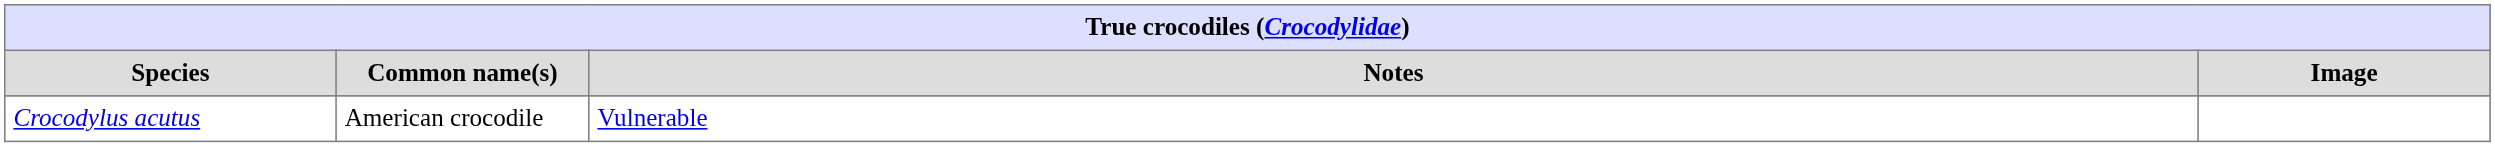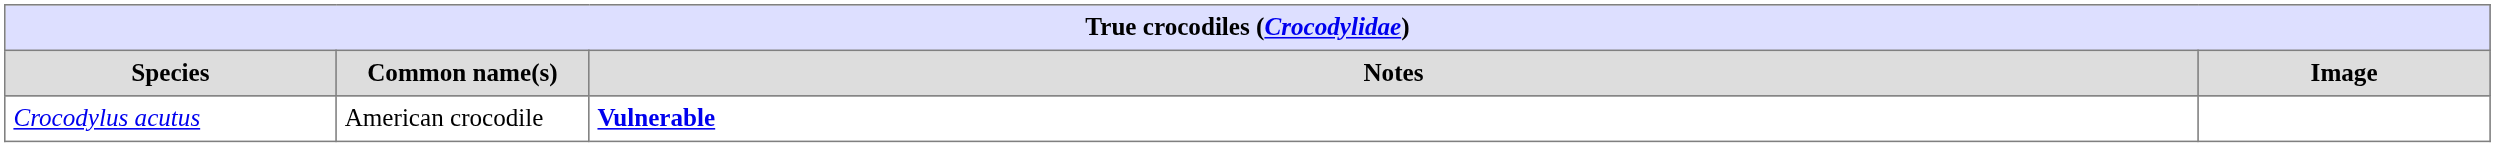 <table border=1 style="border-collapse:collapse;" cellpadding=5 width=100%>
 <tr>
 <th colspan=4 bgcolor=#DDDFFF>True crocodiles (<em><a href='#'>Crocodylidae</a></em>)</th>
 </tr>
 <tr bgcolor=#DDDDDD align=center>
 <th width=200px>Species</th>
 <th width=150px>Common name(s)</th>
 <th>Notes</th>
 <th width=175px>Image</th>
 </tr>
 <tr>
 <td><em><a href='#'>Crocodylus acutus</a></em></td>
 <td>American crocodile</td>
-<td><a href='#'>Vulnerable</a></td>
+<td><strong><a href='#'>Vulnerable</a></strong></td>
 <td></td>
 </tr>
 </table>
